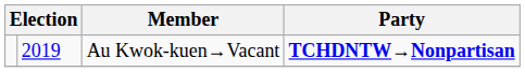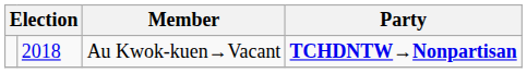 <table class="wikitable">
 <tr>
 <th colspan="2">Election</th>
 <th>Member</th>
 <th>Party</th>
 </tr>
 <tr>
 <td style="color:inherit;background:"></td>
-<td><a href='#'>2019</a></td>
+<td><a href='#'>2018</a></td>
 <td>Au Kwok-kuen→Vacant</td>
 <td><strong><a href='#'>TCHDNTW</a>→<a href='#'>Nonpartisan</a></strong></td>
 </tr>
 <tr>
 </tr>
 </table>
